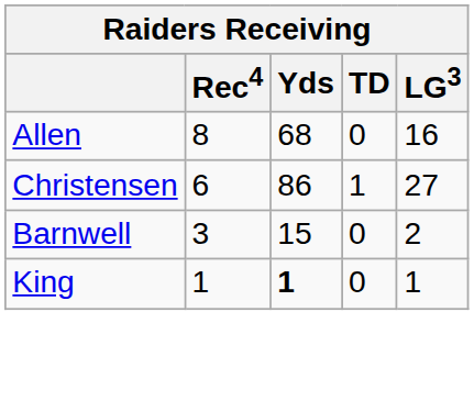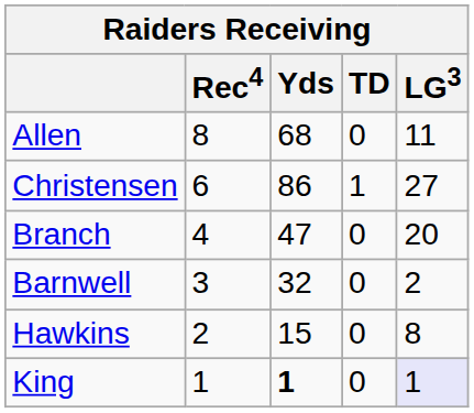 <table class="wikitable">
 <tr>
 <th colspan="5">Raiders Receiving</th>
 </tr>
 <tr>
 <th></th>
 <th>Rec<sup>4</sup></th>
 <th>Yds</th>
 <th>TD</th>
 <th>LG<sup>3</sup></th>
 </tr>
 <tr>
 <td><a href='#'>Allen</a></td>
 <td>8</td>
 <td>68</td>
 <td>0</td>
-<td>16</td>
+<td>11</td>
 </tr>
 <tr>
 <td><a href='#'>Christensen</a></td>
 <td>6</td>
 <td>86</td>
 <td>1</td>
 <td>27</td>
 </tr>
 <tr>
+<td><a href='#'>Branch</a></td>
+<td>4</td>
+<td>47</td>
+<td>0</td>
+<td>20</td>
+</tr>
+<tr>
 <td><a href='#'>Barnwell</a></td>
 <td>3</td>
+<td>32</td>
+<td>0</td>
+<td>2</td>
+</tr>
+<tr>
+<td><a href='#'>Hawkins</a></td>
+<td>2</td>
 <td>15</td>
 <td>0</td>
-<td>2</td>
+<td>8</td>
 </tr>
 <tr>
 <td><a href='#'>King</a></td>
 <td>1</td>
 <td><strong>1</strong></td>
 <td>0</td>
-<td>1</td>
+<td style="background: lavender;">1</td>
 </tr>
 </table>
